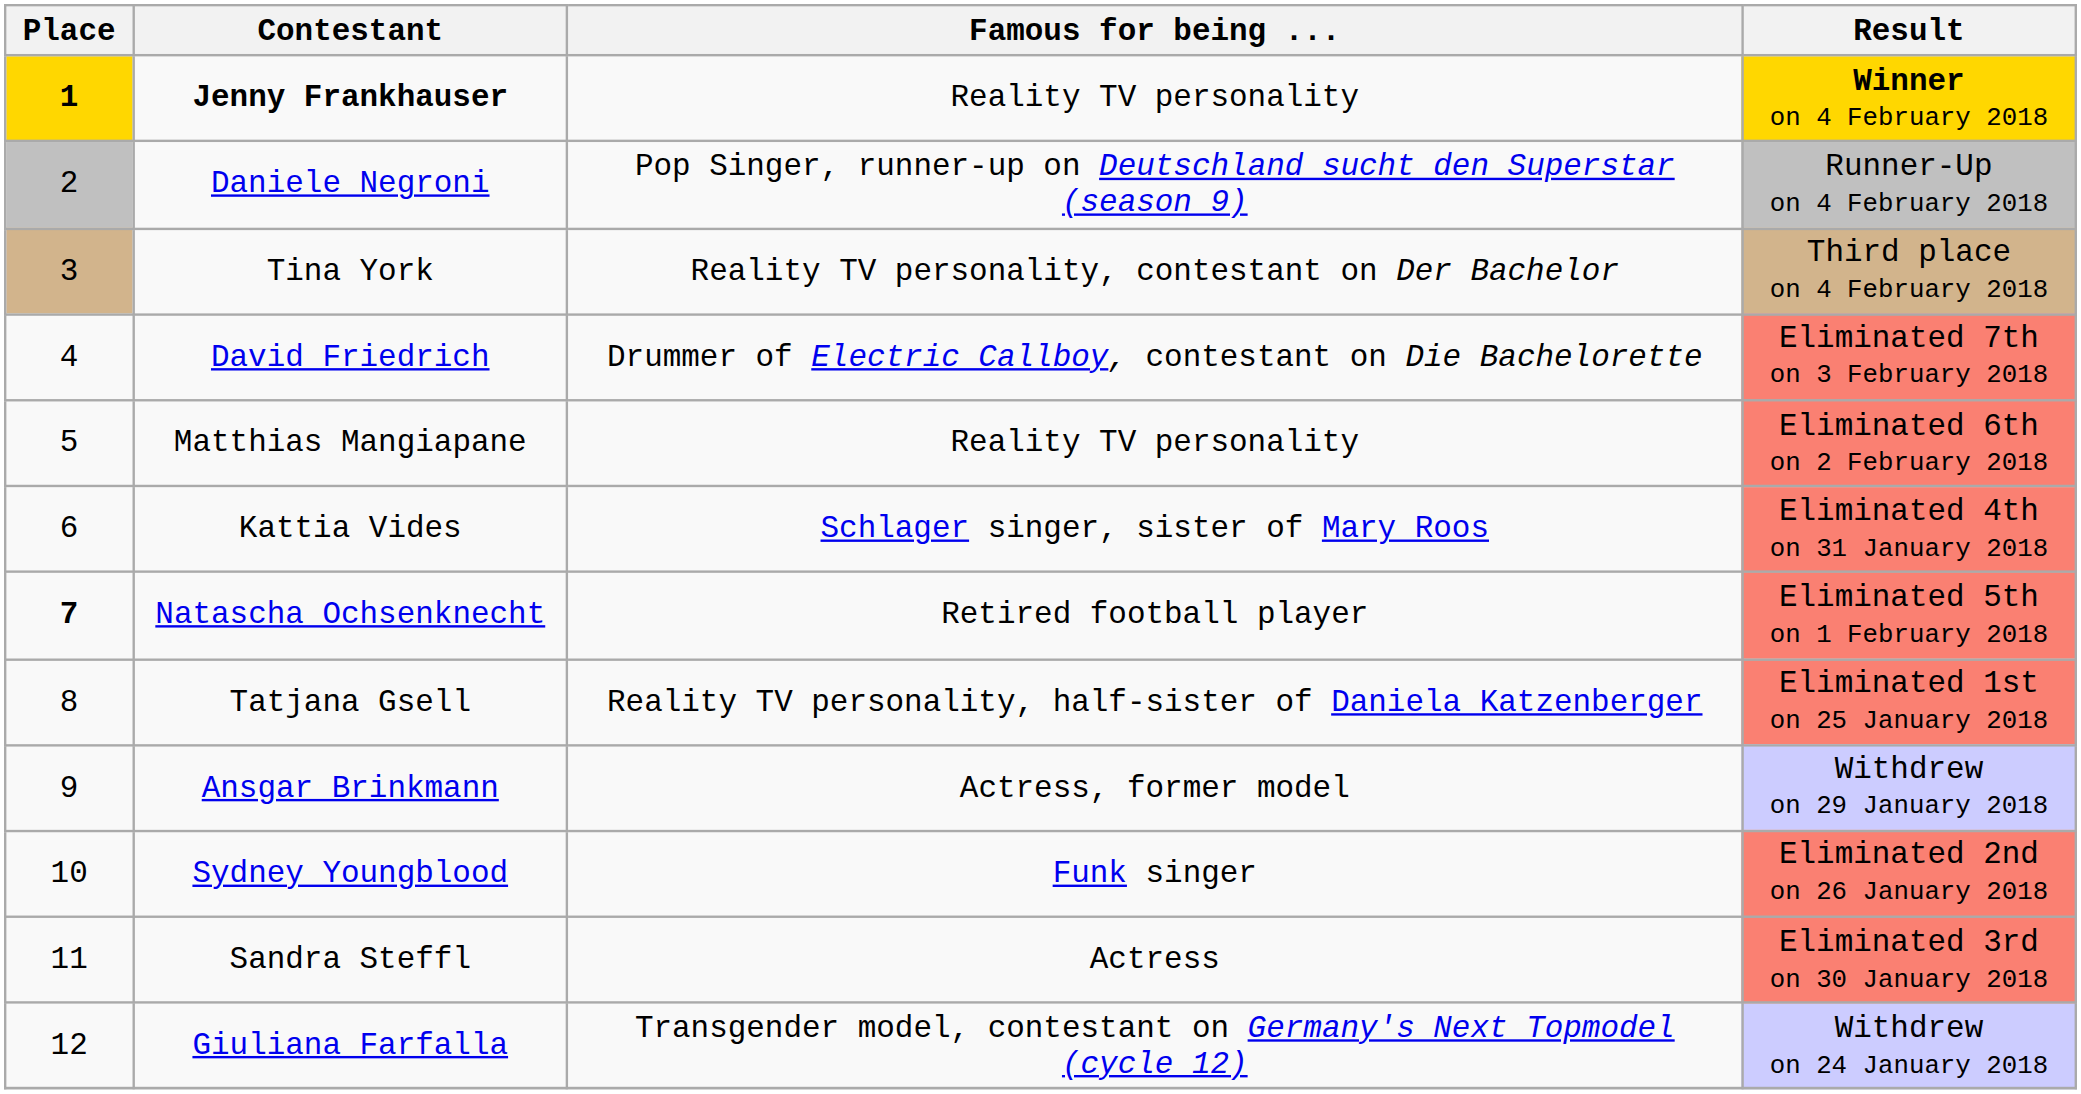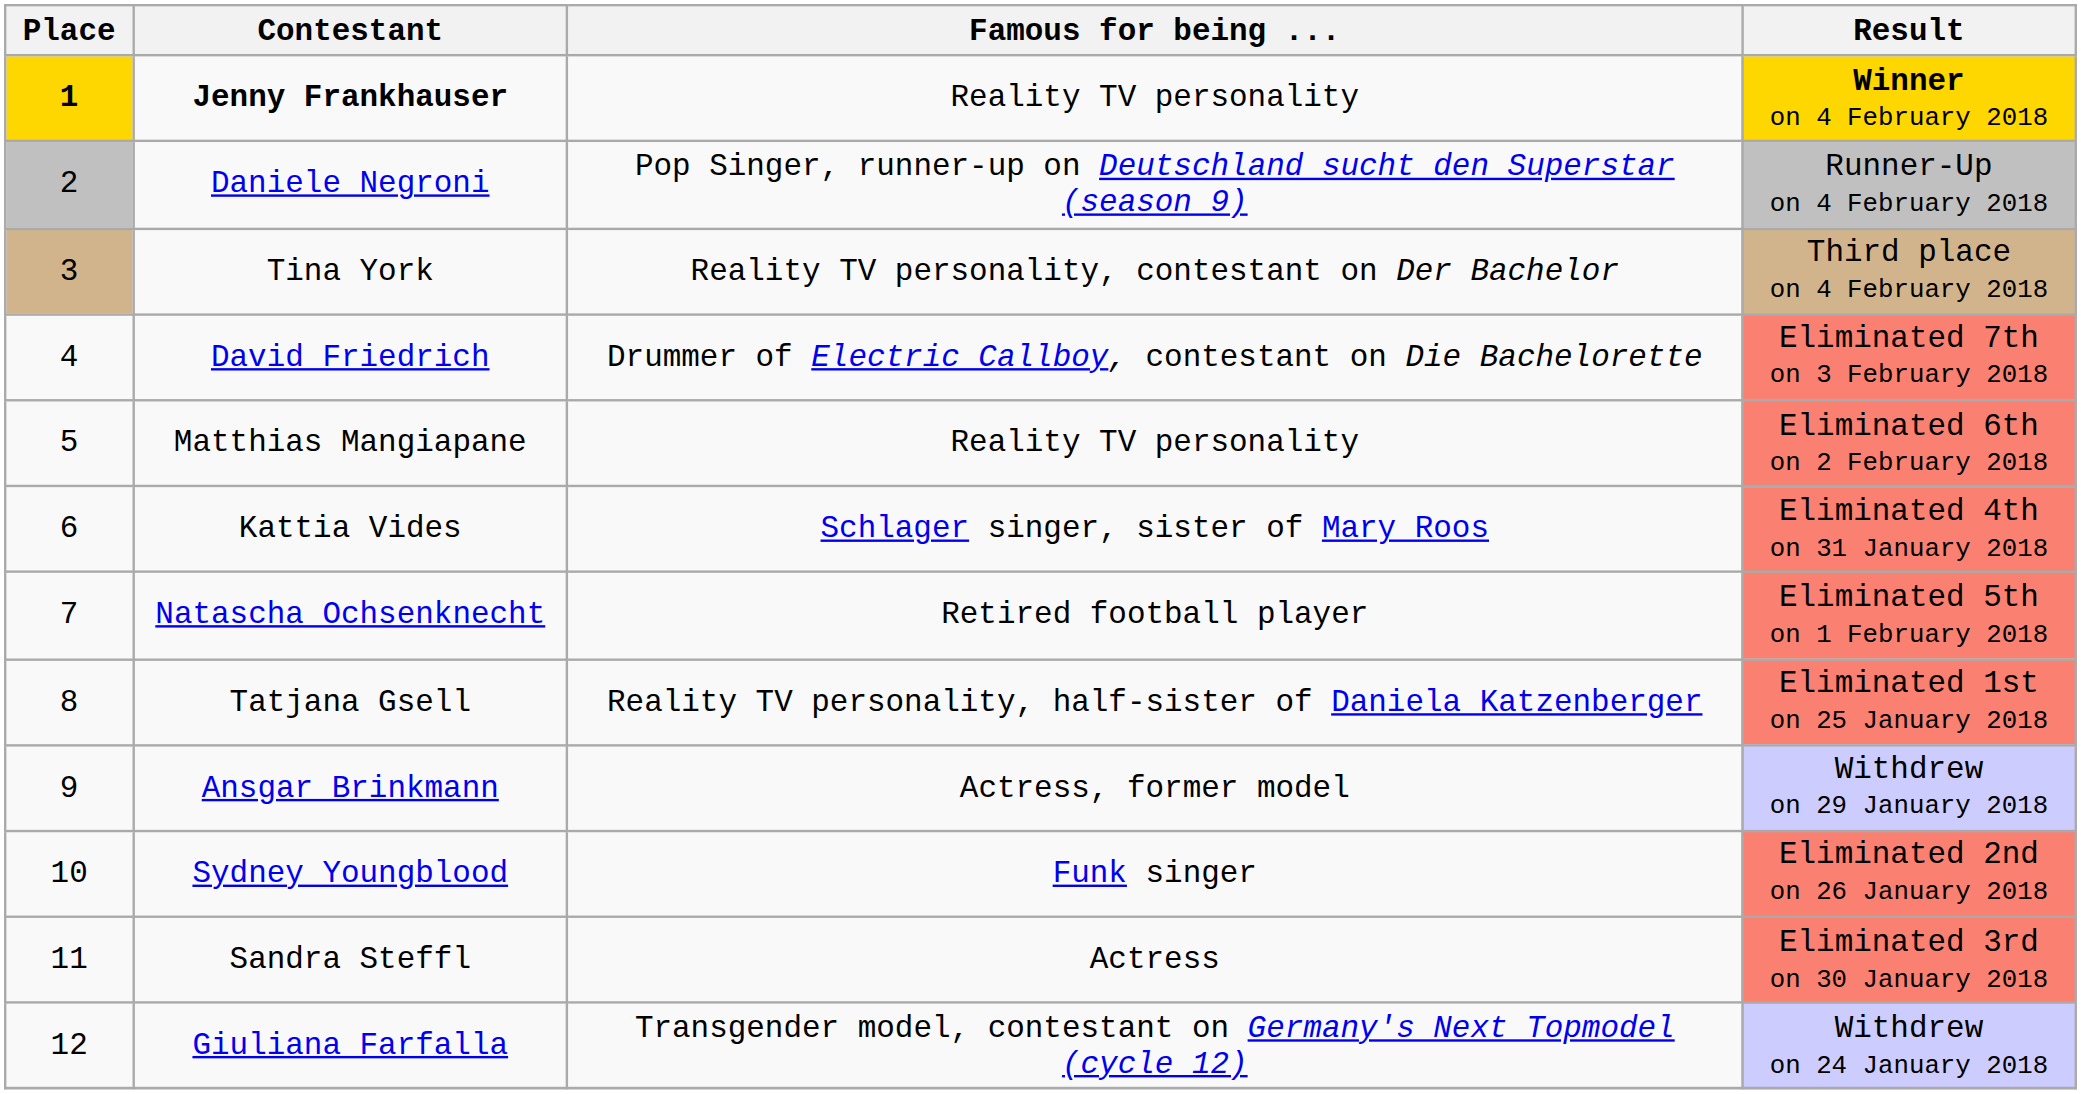 <table class="wikitable zebra" center" style="text-align:center">
 <tr>
 <th width="50">Place</th>
 <th width="200">Contestant</th>
 <th width="600">Famous for being ...</th>
 <th width="150">Result</th>
 </tr>
 <tr>
 <td bgcolor="gold"><strong>1</strong></td>
 <td><strong>Jenny Frankhauser</strong></td>
 <td>Reality TV personality</td>
 <td style="background:gold; text-align:center;"><strong>Winner</strong><br><small>on 4 February 2018</small></td>
 </tr>
 <tr>
 <td bgcolor="silver">2</td>
 <td><a href='#'>Daniele Negroni</a></td>
 <td>Pop Singer, runner-up on <em><a href='#'>Deutschland sucht den Superstar (season 9)</a></em></td>
 <td style="background:silver; text-align:center;">Runner-Up<br><small>on 4 February 2018</small></td>
 </tr>
 <tr>
 <td bgcolor="tan">3</td>
 <td>Tina York</td>
 <td>Reality TV personality, contestant on <em>Der Bachelor</em></td>
 <td style="background:tan; text-align:center;">Third place<br><small>on 4 February 2018</small></td>
 </tr>
 <tr>
 <td>4</td>
 <td><a href='#'>David Friedrich</a></td>
 <td>Drummer of <em><a href='#'>Electric Callboy</a>,</em> contestant on <em>Die Bachelorette</em></td>
 <td style="background:salmon; text-align:center;">Eliminated 7th<br><small>on 3 February 2018</small></td>
 </tr>
 <tr>
 <td>5</td>
 <td>Matthias Mangiapane</td>
 <td>Reality TV personality</td>
 <td style="background:salmon; text-align:center;">Eliminated 6th<br><small>on 2 February 2018</small></td>
 </tr>
 <tr>
 <td>6</td>
 <td>Kattia Vides</td>
 <td><a href='#'>Schlager</a> singer, sister of <a href='#'>Mary Roos</a></td>
 <td style="background:salmon; text-align:center;">Eliminated 4th<br><small>on 31 January 2018</small></td>
 </tr>
 <tr>
-<td><strong>7</strong></td>
+<td>7</td>
 <td><a href='#'>Natascha Ochsenknecht</a></td>
 <td>Retired football player</td>
 <td style="background:salmon; text-align:center;">Eliminated 5th<br><small>on 1 February 2018</small></td>
 </tr>
 <tr>
 <td>8</td>
 <td>Tatjana Gsell</td>
 <td>Reality TV personality, half-sister of <a href='#'>Daniela Katzenberger</a></td>
 <td style="background:salmon; text-align:center;">Eliminated 1st<br><small>on 25 January 2018</small></td>
 </tr>
 <tr>
 <td>9</td>
 <td><a href='#'>Ansgar Brinkmann</a></td>
 <td>Actress, former model</td>
 <td style="background:#ccf; text-align:center;">Withdrew<br><small>on 29 January 2018</small></td>
 </tr>
 <tr>
 <td>10</td>
 <td><a href='#'>Sydney Youngblood</a></td>
 <td><a href='#'>Funk</a> singer</td>
 <td style="background:salmon; text-align:center;">Eliminated 2nd<br><small>on 26 January 2018</small></td>
 </tr>
 <tr>
 <td>11</td>
 <td>Sandra Steffl</td>
 <td>Actress</td>
 <td style="background:salmon; text-align:center;">Eliminated 3rd<br><small>on 30 January 2018</small></td>
 </tr>
 <tr>
 <td>12</td>
 <td><a href='#'>Giuliana Farfalla</a></td>
 <td>Transgender model, contestant on <em><a href='#'>Germany's Next Topmodel (cycle 12)</a></em></td>
 <td style="background:#ccf; text-align:center;">Withdrew<br><small>on 24 January 2018</small></td>
 </tr>
 <tr>
 </tr>
 </table>
